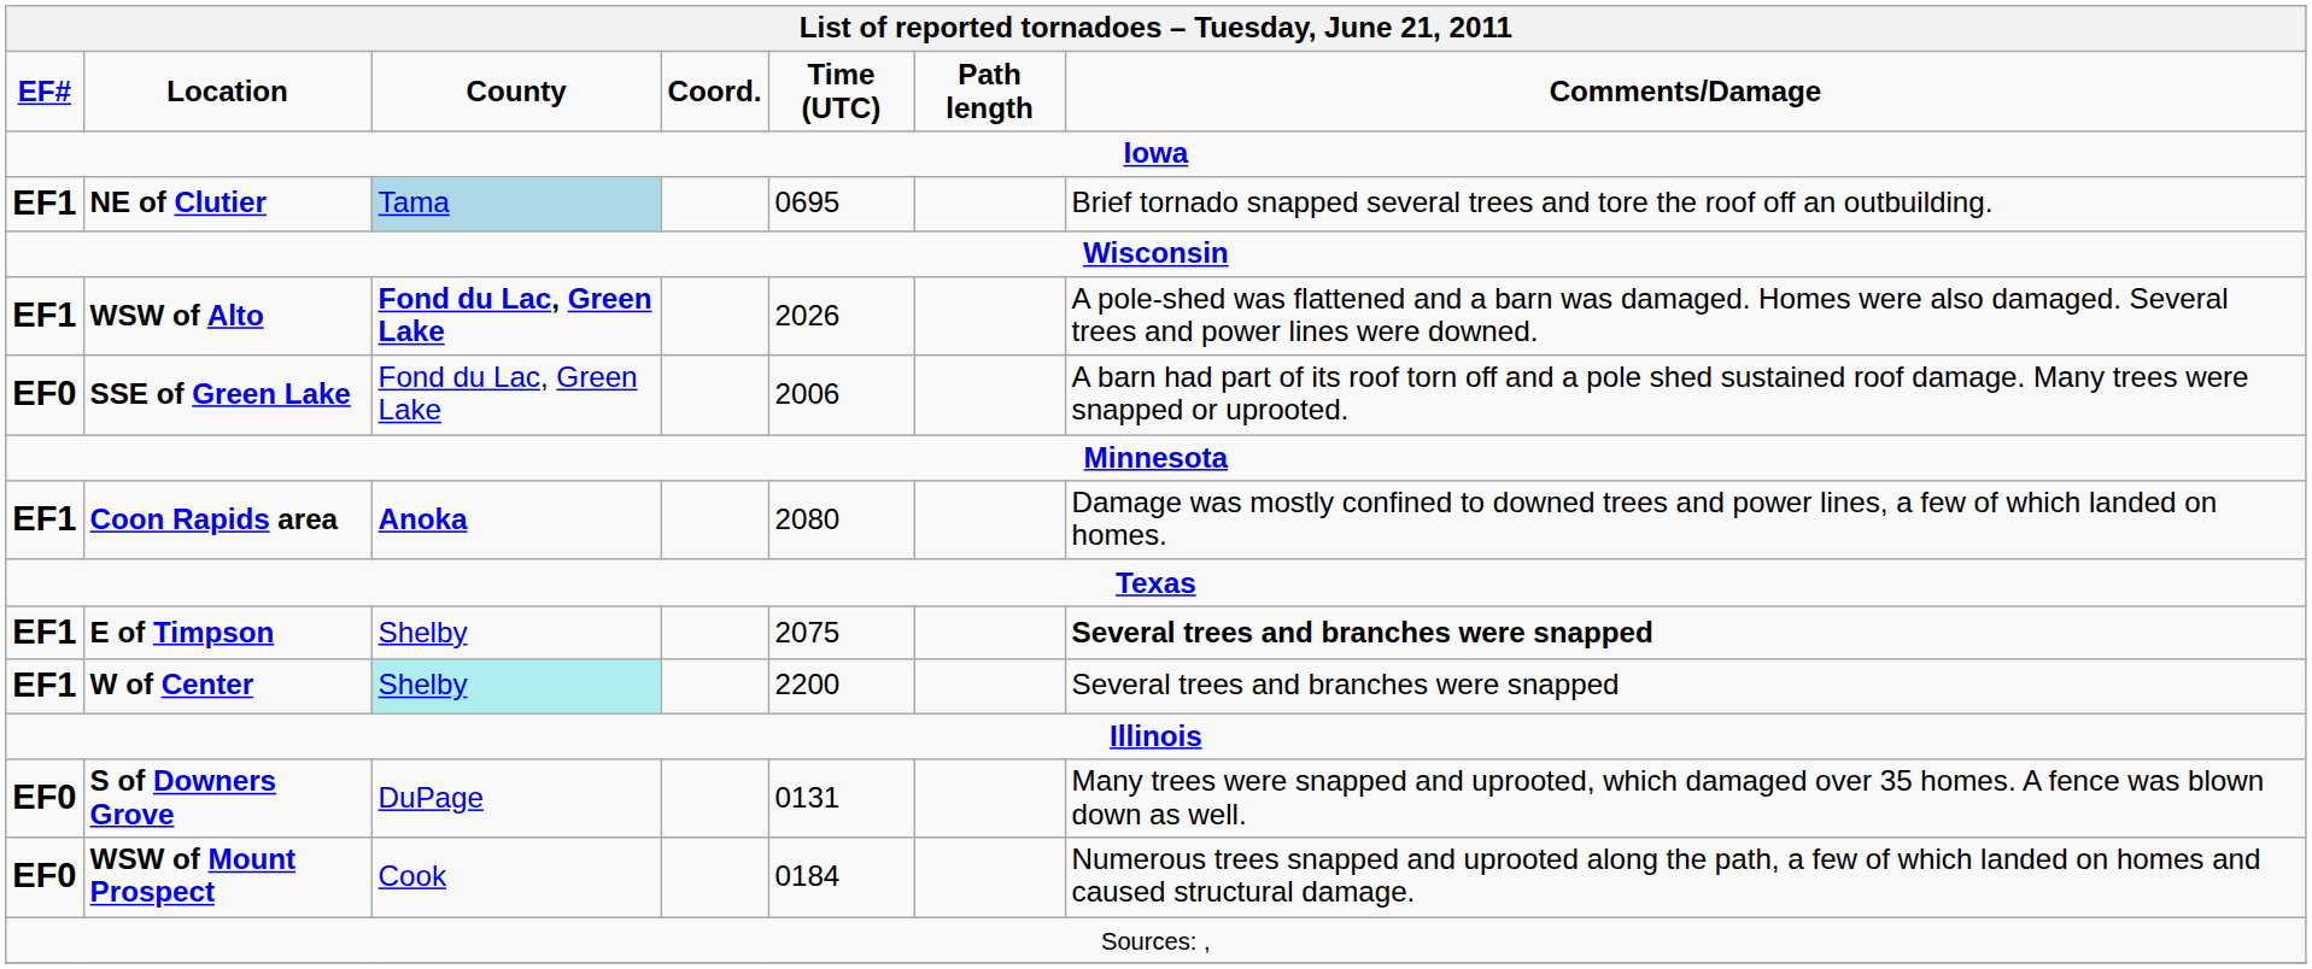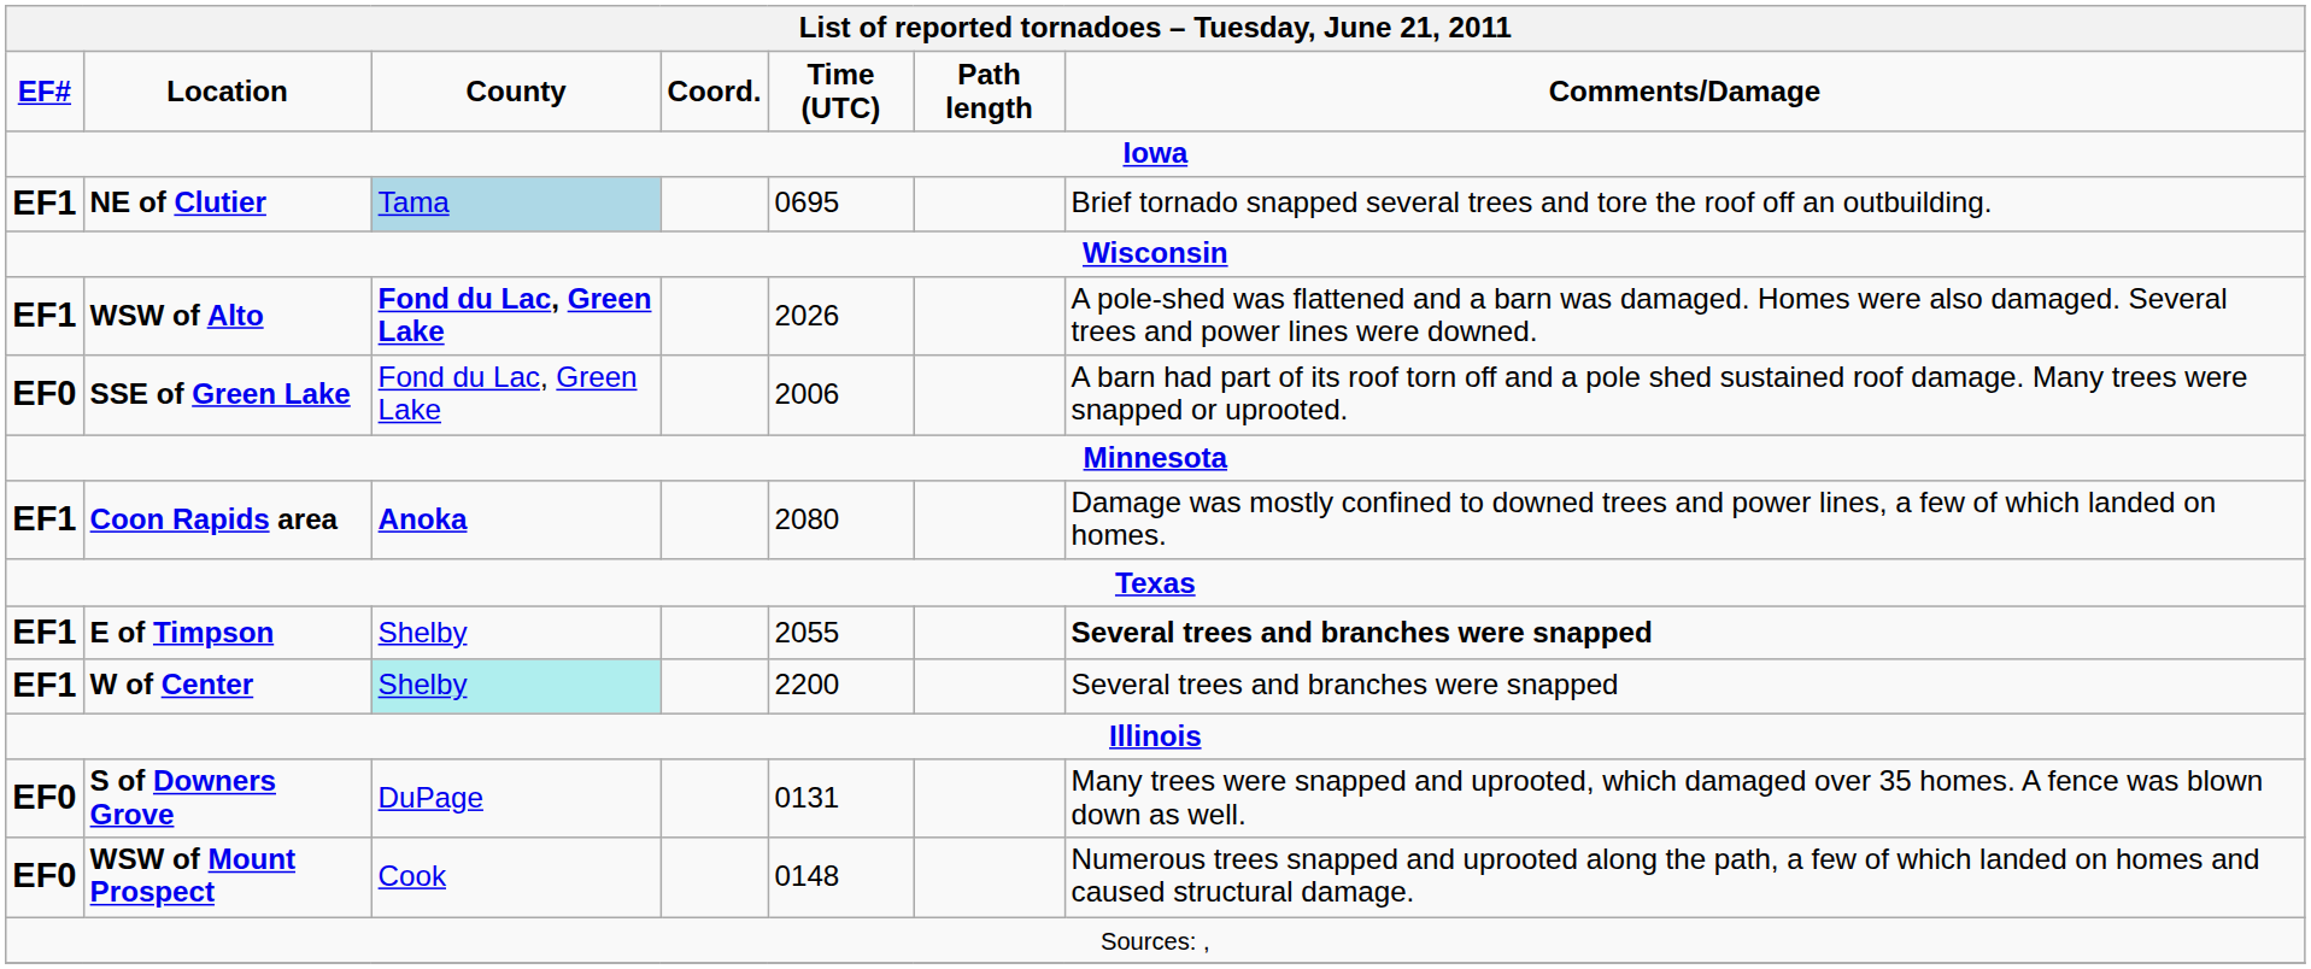 <table class="wikitable collapsible" width="100%">
 <tr>
 <th colspan="7">List of reported tornadoes – Tuesday, June 21, 2011</th>
 </tr>
 <tr style="text-align:center;">
 <td><strong><a href='#'>EF#</a></strong></td>
 <td><strong>Location</strong></td>
 <td><strong>County</strong></td>
 <td><strong>Coord.</strong></td>
 <td><strong>Time (UTC)</strong></td>
 <td><strong>Path length</strong></td>
 <td><strong>Comments/Damage</strong></td>
 </tr>
 <tr>
 <td colspan="7" align=center><strong><a href='#'>Iowa</a></strong></td>
 </tr>
 <tr>
 <td><big><strong>EF1</strong></big></td>
 <td><strong>NE of <a href='#'>Clutier</a></strong></td>
 <td style="background: lightblue;"><a href='#'>Tama</a></td>
 <td></td>
 <td>0695</td>
 <td></td>
 <td>Brief tornado snapped several trees and tore the roof off an outbuilding.</td>
 </tr>
 <tr>
 <td colspan="7" align=center><strong><a href='#'>Wisconsin</a></strong></td>
 </tr>
 <tr>
 <td><big><strong>EF1</strong></big></td>
 <td><strong>WSW of <a href='#'>Alto</a></strong></td>
 <td><strong><a href='#'>Fond du Lac</a>, <a href='#'>Green Lake</a></strong></td>
 <td></td>
 <td>2026</td>
 <td></td>
 <td>A pole-shed was flattened and a barn was damaged. Homes were also damaged. Several trees and power lines were downed.</td>
 </tr>
 <tr>
 <td><big><strong>EF0</strong></big></td>
 <td><strong>SSE of <a href='#'>Green Lake</a></strong></td>
 <td><a href='#'>Fond du Lac</a>, <a href='#'>Green Lake</a></td>
 <td></td>
 <td>2006</td>
 <td></td>
 <td>A barn had part of its roof torn off and a pole shed sustained roof damage. Many trees were snapped or uprooted.</td>
 </tr>
 <tr>
 <td colspan="7" align=center><strong><a href='#'>Minnesota</a></strong></td>
 </tr>
 <tr>
 <td><big><strong>EF1</strong></big></td>
 <td><strong><a href='#'>Coon Rapids</a> area</strong></td>
 <td><strong><a href='#'>Anoka</a></strong></td>
 <td></td>
 <td>2080</td>
 <td></td>
 <td>Damage was mostly confined to downed trees and power lines, a few of which landed on homes.</td>
 </tr>
 <tr>
 <td colspan="7" align=center><strong><a href='#'>Texas</a></strong></td>
 </tr>
 <tr>
 <td><big><strong>EF1</strong></big></td>
 <td><strong>E of <a href='#'>Timpson</a></strong></td>
 <td><a href='#'>Shelby</a></td>
 <td></td>
-<td>2075</td>
+<td>2055</td>
 <td></td>
 <td><strong>Several trees and branches were snapped</strong></td>
 </tr>
 <tr>
 <td><big><strong>EF1</strong></big></td>
 <td><strong>W of <a href='#'>Center</a></strong></td>
 <td style="background: paleturquoise;"><a href='#'>Shelby</a></td>
 <td></td>
 <td>2200</td>
 <td></td>
 <td>Several trees and branches were snapped</td>
 </tr>
 <tr>
 <td colspan="7" align=center><strong><a href='#'>Illinois</a></strong></td>
 </tr>
 <tr>
 <td><big><strong>EF0</strong></big></td>
 <td><strong>S of <a href='#'>Downers Grove</a></strong></td>
 <td><a href='#'>DuPage</a></td>
 <td></td>
 <td>0131</td>
 <td></td>
 <td>Many trees were snapped and uprooted, which damaged over 35 homes. A fence was blown down as well.</td>
 </tr>
 <tr>
 <td><big><strong>EF0</strong></big></td>
 <td><strong>WSW of <a href='#'>Mount Prospect</a></strong></td>
 <td><a href='#'>Cook</a></td>
 <td></td>
-<td>0184</td>
+<td>0148</td>
 <td></td>
 <td>Numerous trees snapped and uprooted along the path, a few of which landed on homes and caused structural damage.</td>
 </tr>
 <tr>
 <td colspan="7" align=center><small>Sources: , </small></td>
 </tr>
 <tr>
 </tr>
 </table>
